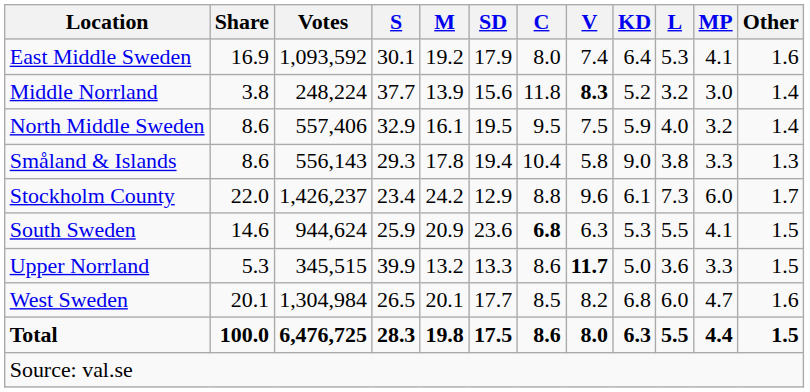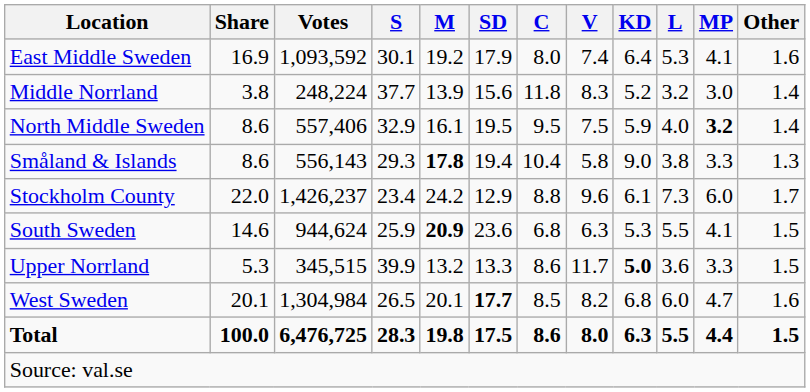 <table class="wikitable sortable" style=text-align:right>
 <tr>
 <th>Location</th>
 <th>Share</th>
 <th>Votes</th>
 <th><a href='#'>S</a></th>
 <th><a href='#'>M</a></th>
 <th><a href='#'>SD</a></th>
 <th><a href='#'>C</a></th>
 <th><a href='#'>V</a></th>
 <th><a href='#'>KD</a></th>
 <th><a href='#'>L</a></th>
 <th><a href='#'>MP</a></th>
 <th>Other</th>
 </tr>
 <tr>
 <td align=left><a href='#'>East Middle Sweden</a></td>
 <td>16.9</td>
 <td>1,093,592</td>
 <td>30.1</td>
 <td>19.2</td>
 <td>17.9</td>
 <td>8.0</td>
 <td>7.4</td>
 <td>6.4</td>
 <td>5.3</td>
 <td>4.1</td>
 <td>1.6</td>
 </tr>
 <tr>
 <td align=left><a href='#'>Middle Norrland</a></td>
 <td>3.8</td>
 <td>248,224</td>
 <td>37.7</td>
 <td>13.9</td>
 <td>15.6</td>
 <td>11.8</td>
-<td><strong>8.3</strong></td>
+<td>8.3</td>
 <td>5.2</td>
 <td>3.2</td>
 <td>3.0</td>
 <td>1.4</td>
 </tr>
 <tr>
 <td align=left><a href='#'>North Middle Sweden</a></td>
 <td>8.6</td>
 <td>557,406</td>
 <td>32.9</td>
 <td>16.1</td>
 <td>19.5</td>
 <td>9.5</td>
 <td>7.5</td>
 <td>5.9</td>
 <td>4.0</td>
-<td>3.2</td>
+<td><strong>3.2</strong></td>
 <td>1.4</td>
 </tr>
 <tr>
 <td align=left><a href='#'>Småland & Islands</a></td>
 <td>8.6</td>
 <td>556,143</td>
 <td>29.3</td>
-<td>17.8</td>
+<td><strong>17.8</strong></td>
 <td>19.4</td>
 <td>10.4</td>
 <td>5.8</td>
 <td>9.0</td>
 <td>3.8</td>
 <td>3.3</td>
 <td>1.3</td>
 </tr>
 <tr>
 <td align=left><a href='#'>Stockholm County</a></td>
 <td>22.0</td>
 <td>1,426,237</td>
 <td>23.4</td>
 <td>24.2</td>
 <td>12.9</td>
 <td>8.8</td>
 <td>9.6</td>
 <td>6.1</td>
 <td>7.3</td>
 <td>6.0</td>
 <td>1.7</td>
 </tr>
 <tr>
 <td align=left><a href='#'>South Sweden</a></td>
 <td>14.6</td>
 <td>944,624</td>
 <td>25.9</td>
-<td>20.9</td>
+<td><strong>20.9</strong></td>
 <td>23.6</td>
-<td><strong>6.8</strong></td>
+<td>6.8</td>
 <td>6.3</td>
 <td>5.3</td>
 <td>5.5</td>
 <td>4.1</td>
 <td>1.5</td>
 </tr>
 <tr>
 <td align=left><a href='#'>Upper Norrland</a></td>
 <td>5.3</td>
 <td>345,515</td>
 <td>39.9</td>
 <td>13.2</td>
 <td>13.3</td>
 <td>8.6</td>
-<td><strong>11.7</strong></td>
-<td>5.0</td>
+<td>11.7</td>
+<td><strong>5.0</strong></td>
 <td>3.6</td>
 <td>3.3</td>
 <td>1.5</td>
 </tr>
 <tr>
 <td align=left><a href='#'>West Sweden</a></td>
 <td>20.1</td>
 <td>1,304,984</td>
 <td>26.5</td>
 <td>20.1</td>
-<td>17.7</td>
+<td><strong>17.7</strong></td>
 <td>8.5</td>
 <td>8.2</td>
 <td>6.8</td>
 <td>6.0</td>
 <td>4.7</td>
 <td>1.6</td>
 </tr>
 <tr>
 <td align=left><strong>Total</strong></td>
 <td><strong>100.0</strong></td>
 <td><strong>6,476,725</strong></td>
 <td><strong>28.3</strong></td>
 <td><strong>19.8</strong></td>
 <td><strong>17.5</strong></td>
 <td><strong>8.6</strong></td>
 <td><strong>8.0</strong></td>
 <td><strong>6.3</strong></td>
 <td><strong>5.5</strong></td>
 <td><strong>4.4</strong></td>
 <td><strong>1.5</strong></td>
 </tr>
 <tr>
 <td align=left colspan=12>Source: val.se </td>
 </tr>
 </table>
